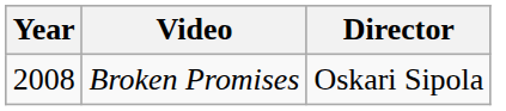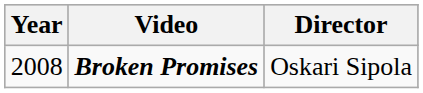 <table class="wikitable">
 <tr>
 <th>Year</th>
 <th>Video</th>
 <th>Director</th>
 </tr>
 <tr>
 <td rowspan="2">2008</td>
-<td><em>Broken Promises</em></td>
+<td><strong><em>Broken Promises</em></strong></td>
 <td rowspan="4">Oskari Sipola</td>
 </tr>
 </table>
